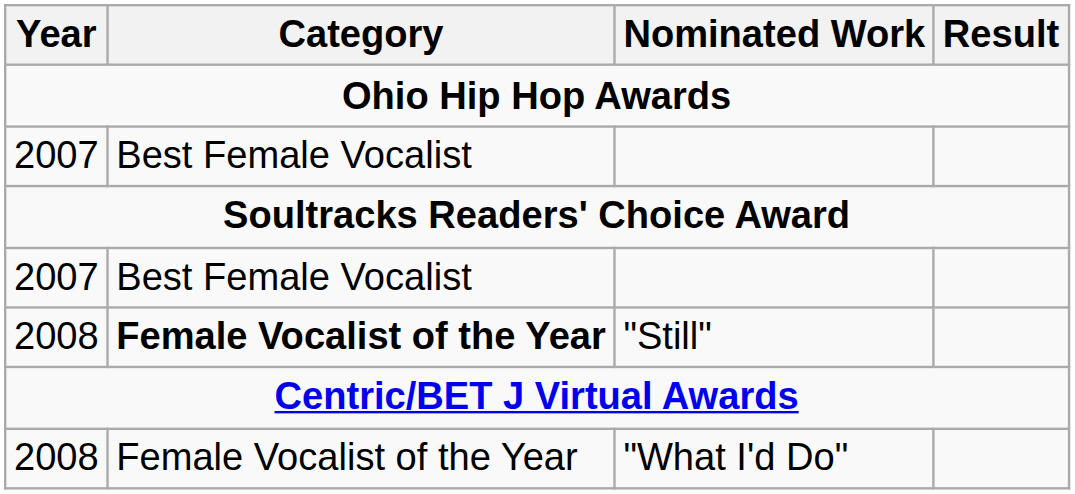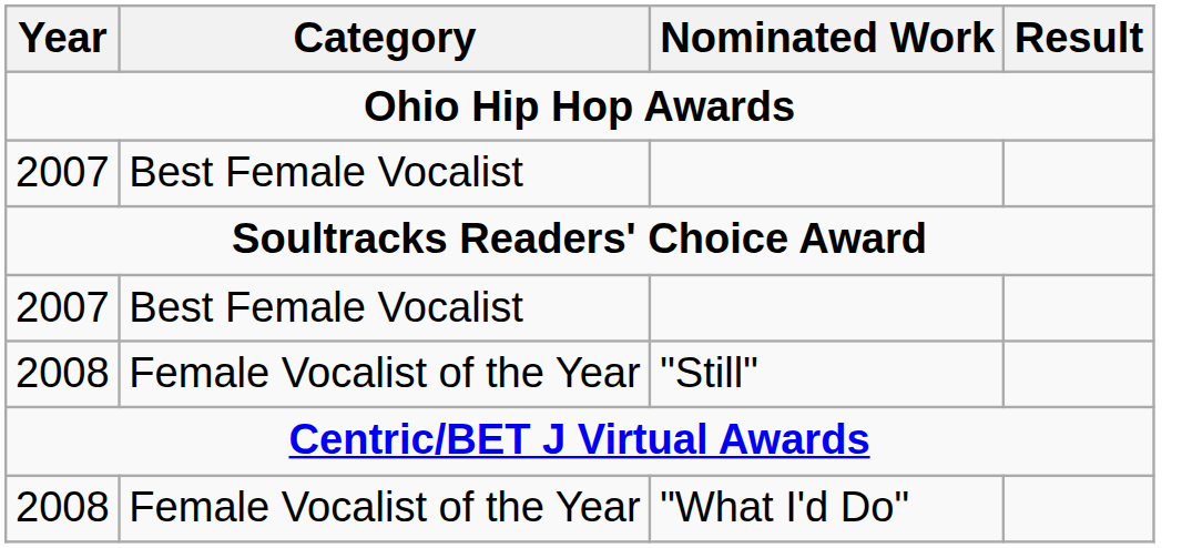 <table class="wikitable">
 <tr>
 <th>Year</th>
 <th>Category</th>
 <th>Nominated Work</th>
 <th>Result</th>
 </tr>
 <tr>
 <td colspan=6 align=center><strong>Ohio Hip Hop Awards</strong></td>
 </tr>
 <tr>
 <td>2007</td>
 <td>Best Female Vocalist</td>
 <td></td>
 <td></td>
 </tr>
 <tr>
 <td colspan=6 align=center><strong>Soultracks Readers' Choice Award</strong></td>
 </tr>
 <tr>
 <td>2007</td>
 <td>Best Female Vocalist</td>
 <td></td>
 <td></td>
 </tr>
 <tr>
 <td>2008</td>
-<td><strong>Female Vocalist of the Year</strong></td>
+<td>Female Vocalist of the Year</td>
 <td>"Still"</td>
 <td></td>
 </tr>
 <tr>
 <td colspan=6 align=center><strong><a href='#'>Centric/BET J Virtual Awards</a></strong></td>
 </tr>
 <tr>
 <td>2008</td>
 <td>Female Vocalist of the Year</td>
 <td>"What I'd Do"</td>
 <td></td>
 </tr>
 </table>
